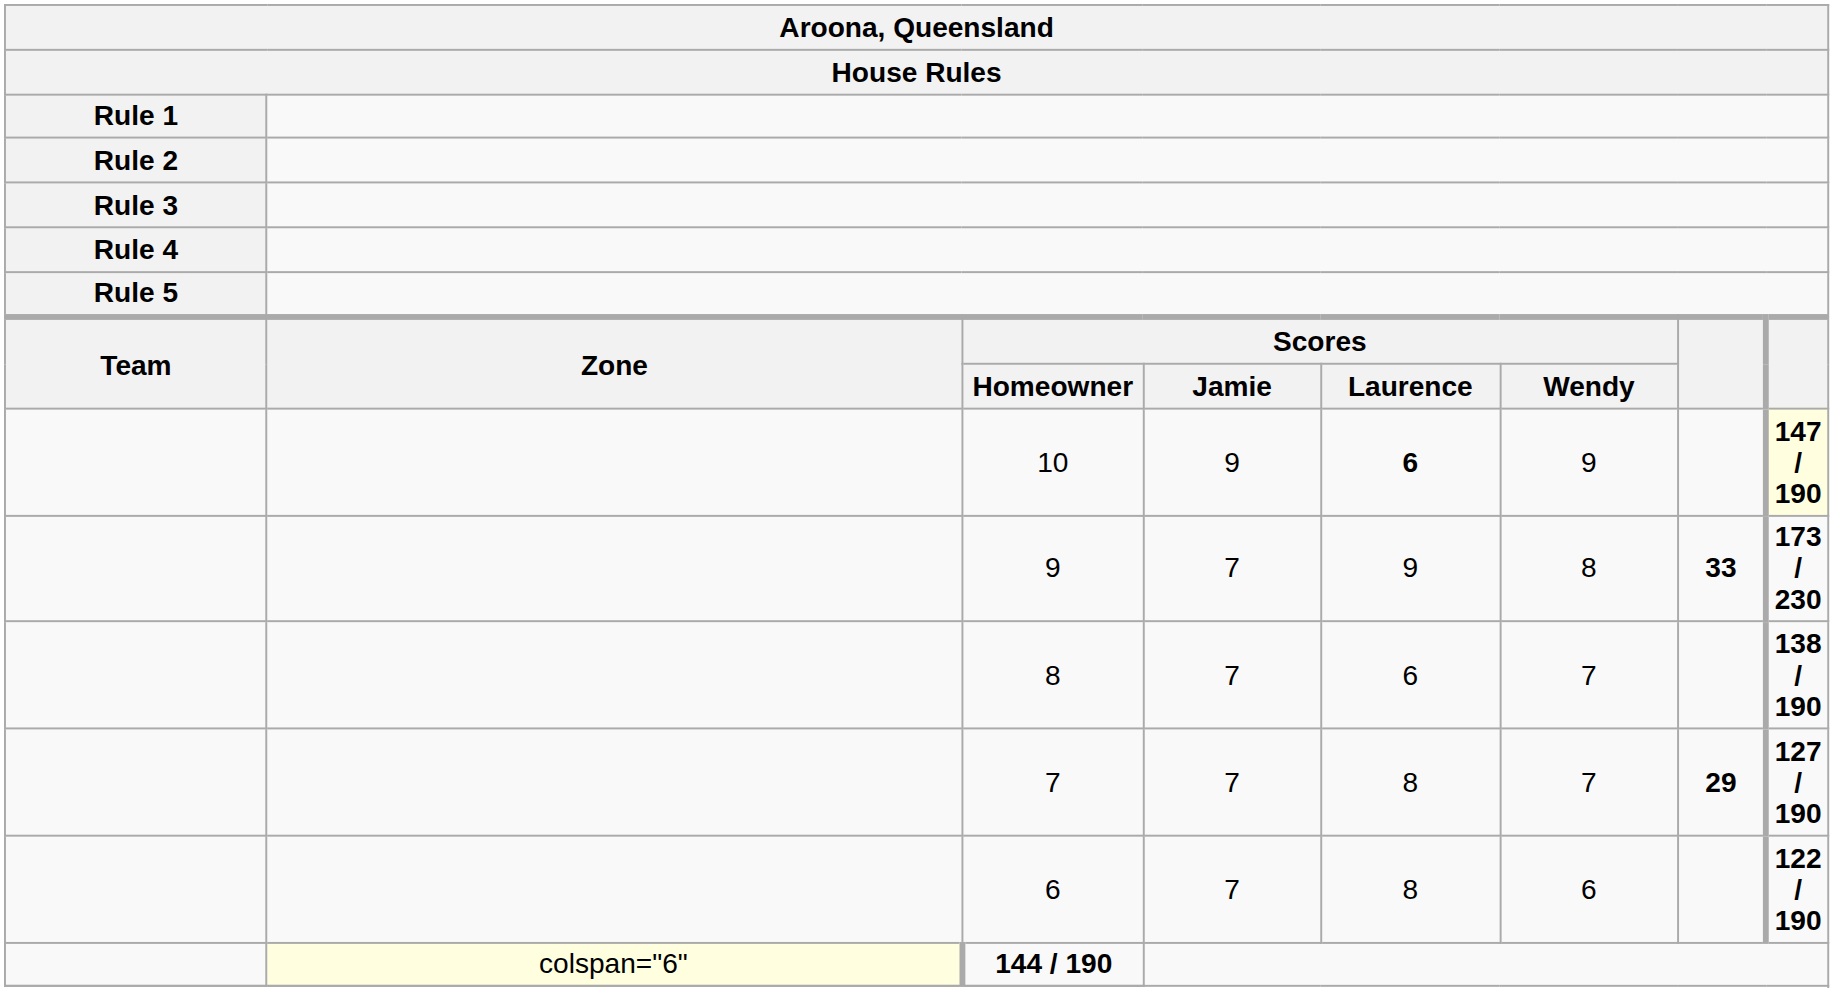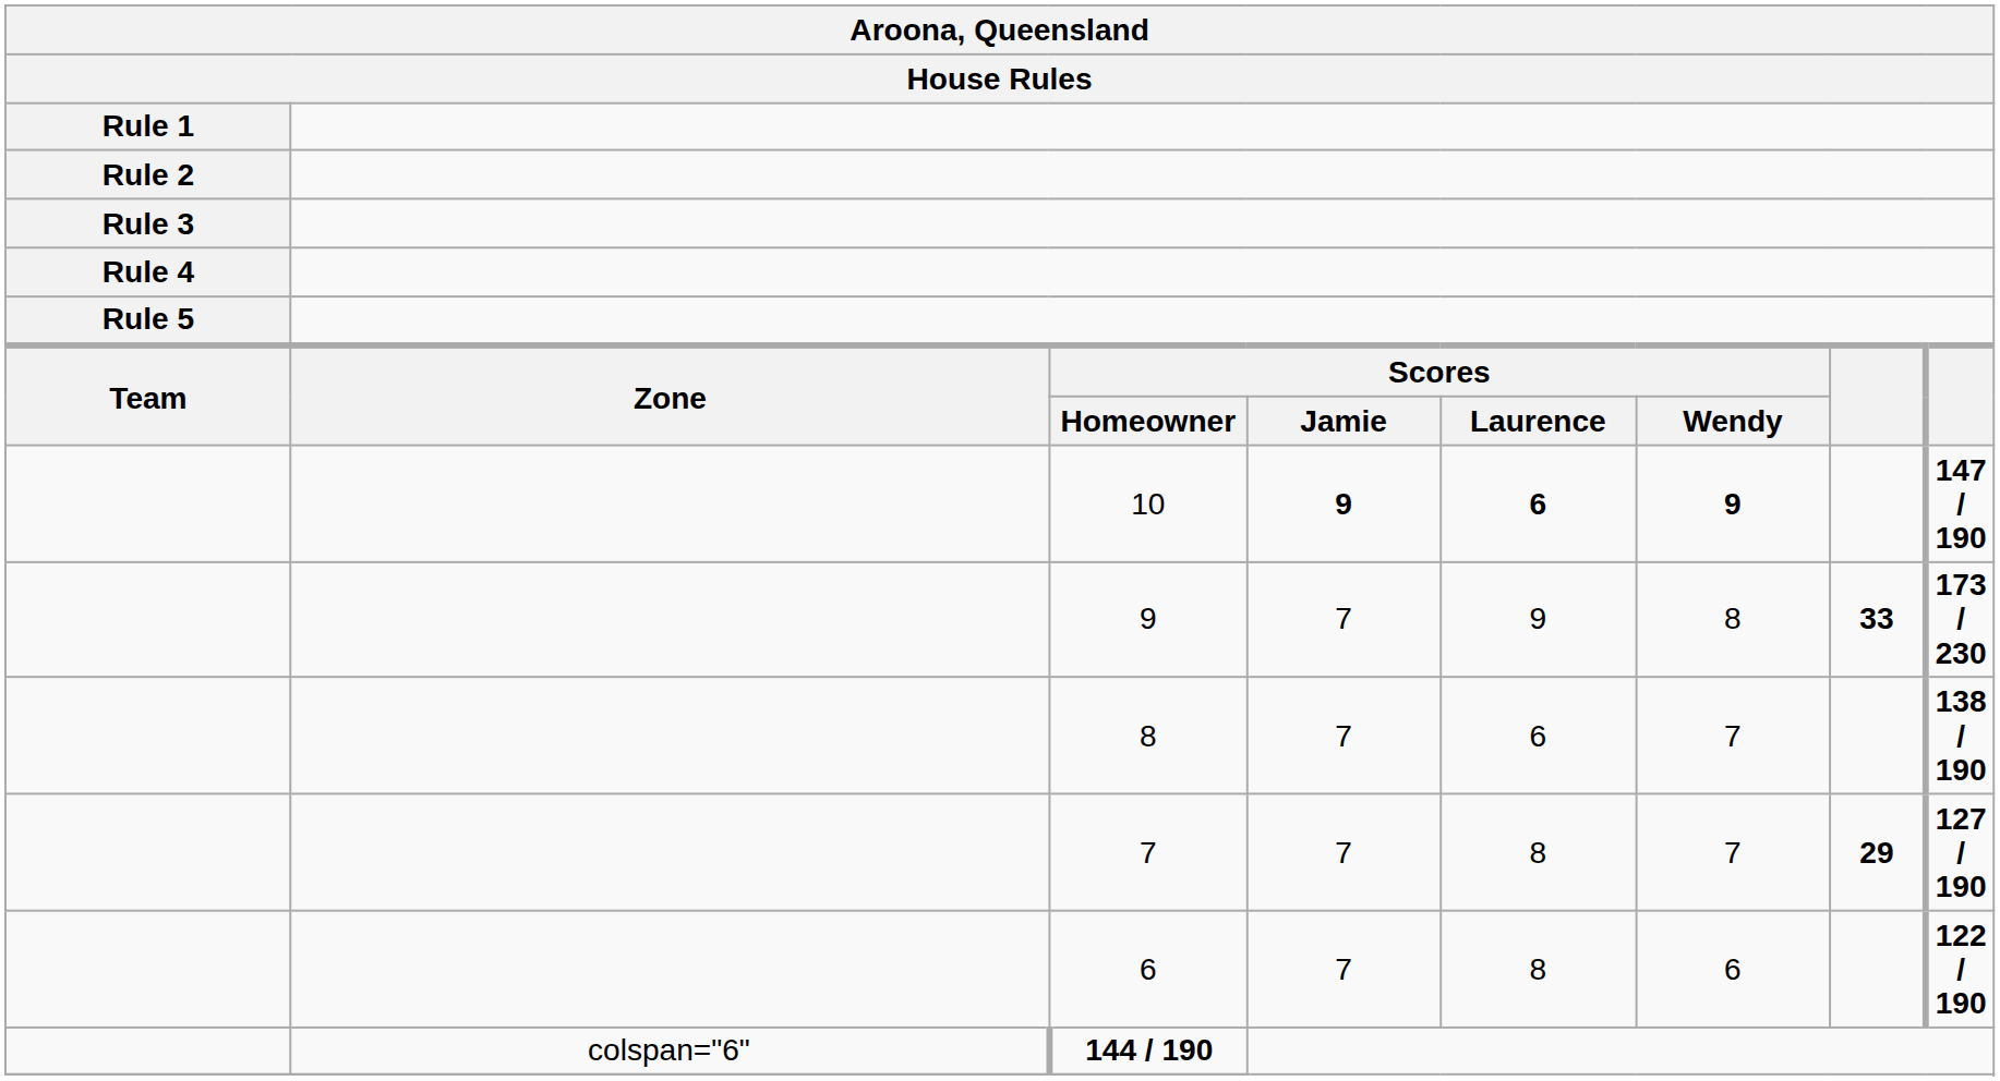 <table class="wikitable plainrowheaders" style="text-align:center; font-size:90%; width:65em;">
 <tr>
 <th colspan="8" >Aroona, Queensland</th>
 </tr>
 <tr>
 <th colspan="8">House Rules</th>
 </tr>
 <tr>
 <th>Rule 1</th>
 <td colspan="8"></td>
 </tr>
 <tr>
 <th>Rule 2</th>
 <td colspan="8"></td>
 </tr>
 <tr>
 <th>Rule 3</th>
 <td colspan="8"></td>
 </tr>
 <tr>
 <th>Rule 4</th>
 <td colspan="8"></td>
 </tr>
 <tr>
 <th>Rule 5</th>
 <td colspan="8"></td>
 </tr>
 <tr style="border-top:3px solid #aaa;">
 <th rowspan="2">Team</th>
 <th rowspan="2" style="width:40%;">Zone</th>
 <th colspan="4" style="width:40%;">Scores</th>
 <th rowspan="2" style="width:10%;"></th>
 <th rowspan="2" style="width:10%; border-left:3px solid #aaa;"></th>
 </tr>
 <tr>
 <th style="width:10%;">Homeowner</th>
 <th style="width:10%;">Jamie</th>
 <th style="width:10%;">Laurence</th>
 <th style="width:10%;">Wendy</th>
 </tr>
 <tr>
 <td style="width:15%;"></td>
 <td></td>
 <td>10</td>
-<td>9</td>
+<td><strong>9</strong></td>
 <td><strong>6</strong></td>
-<td>9</td>
+<td><strong>9</strong></td>
 <td></td>
-<td style="background: lightyellow; border-left:3px solid #aaa;"><strong> 147 / 190</strong></td>
+<td style="border-left:3px solid #aaa;"><strong> 147 / 190</strong></td>
 </tr>
 <tr>
 <td style="width:15%;"></td>
 <td></td>
 <td>9</td>
 <td>7</td>
 <td>9</td>
 <td>8</td>
 <td><strong>33</strong></td>
 <td style="border-left:3px solid #aaa;"><strong> 173 / 230</strong></td>
 </tr>
 <tr>
 <td style="width:15%;"></td>
 <td></td>
 <td>8</td>
 <td>7</td>
 <td>6</td>
 <td>7</td>
 <td></td>
 <td style="border-left:3px solid #aaa;"><strong>138 / 190</strong></td>
 </tr>
 <tr>
 <td style="width:15%;"></td>
 <td></td>
 <td>7</td>
 <td>7</td>
 <td>8</td>
 <td>7</td>
 <td><strong>29</strong></td>
 <td style="border-left:3px solid #aaa;"><strong> 127 / 190</strong></td>
 </tr>
 <tr>
 <td style="width:15%;"></td>
 <td></td>
 <td>6</td>
 <td>7</td>
 <td>8</td>
 <td>6</td>
 <td></td>
 <td style="border-left:3px solid #aaa;"><strong> 122 / 190</strong></td>
 </tr>
 <tr>
 <td style="width:15%;"></td>
-<td style="background: lightyellow;">colspan="6" </td>
+<td>colspan="6" </td>
 <td style="border-left:3px solid #aaa;"><strong> 144 / 190</strong></td>
 </tr>
 <tr>
 </tr>
 </table>
